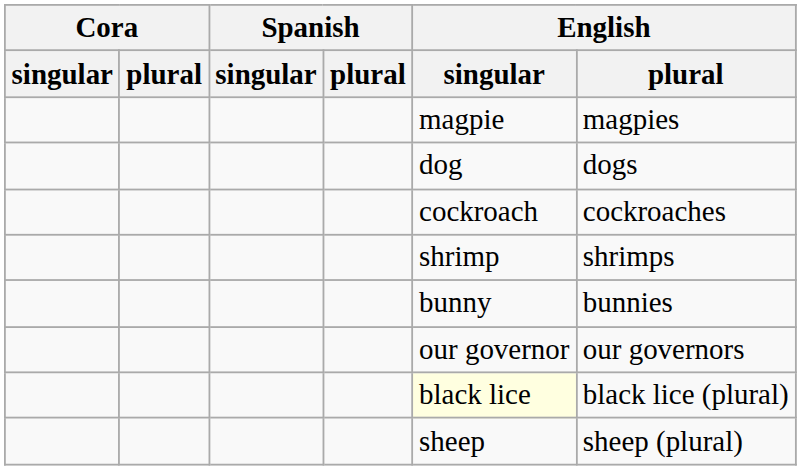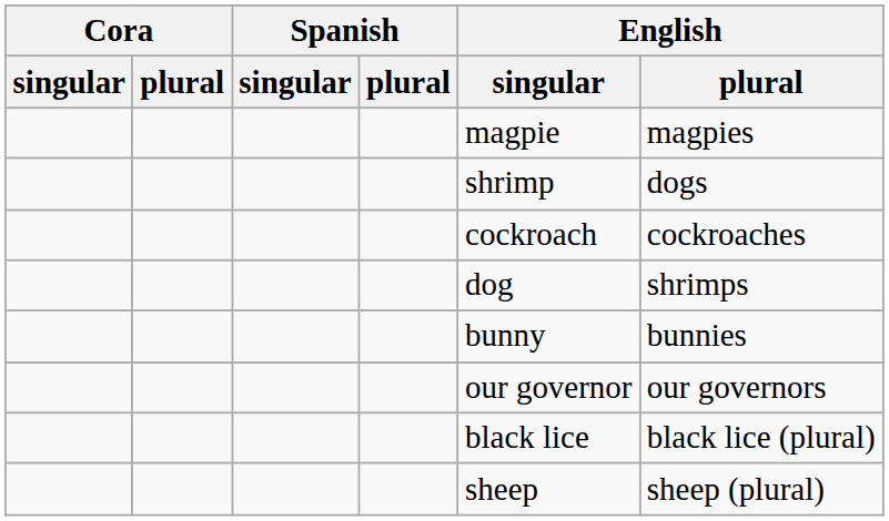 <table class="wikitable">
 <tr>
 <th colspan="2">Cora</th>
 <th colspan="2">Spanish</th>
 <th colspan="2">English</th>
 </tr>
 <tr>
 <th>singular</th>
 <th>plural</th>
 <th>singular</th>
 <th>plural</th>
 <th>singular</th>
 <th>plural</th>
 </tr>
 <tr>
 <td></td>
 <td></td>
 <td></td>
 <td></td>
 <td>magpie</td>
 <td>magpies</td>
 </tr>
 <tr>
 <td></td>
 <td></td>
 <td></td>
 <td></td>
-<td>dog</td>
+<td>shrimp</td>
 <td>dogs</td>
 </tr>
 <tr>
 <td></td>
 <td></td>
 <td></td>
 <td></td>
 <td>cockroach</td>
 <td>cockroaches  </td>
 </tr>
 <tr>
 <td></td>
 <td></td>
 <td></td>
 <td></td>
-<td>shrimp</td>
+<td>dog</td>
 <td>shrimps</td>
 </tr>
 <tr>
 <td></td>
 <td></td>
 <td></td>
 <td></td>
 <td>bunny</td>
 <td>bunnies</td>
 </tr>
 <tr>
 <td></td>
 <td></td>
 <td></td>
 <td></td>
 <td>our governor</td>
 <td>our governors</td>
 </tr>
 <tr>
 <td></td>
 <td></td>
 <td></td>
 <td></td>
-<td style="background: lightyellow;">black lice</td>
+<td>black lice</td>
 <td>black lice (plural)</td>
 </tr>
 <tr>
 <td></td>
 <td></td>
 <td></td>
 <td></td>
 <td>sheep</td>
 <td>sheep (plural)</td>
 </tr>
 </table>
